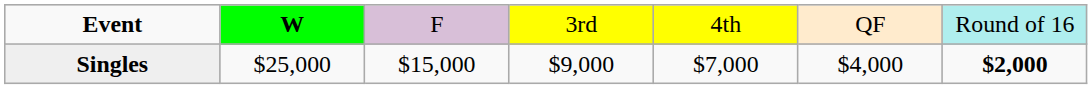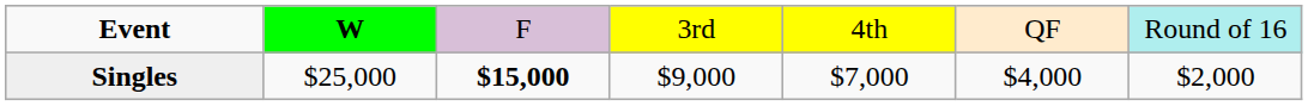 <table class=wikitable style=font-size:95%;text-align:center>
 <tr>
 <td style="width:130px"><strong>Event</strong></td>
 <td style="width:85px; background:lime"><strong>W</strong></td>
 <td style="width:85px; background:thistle">F</td>
 <td style="width:85px; background:#ffff00">3rd</td>
 <td style="width:85px; background:#ffff00">4th</td>
 <td style="width:85px; background:#ffebcd">QF</td>
 <td style="width:85px; background:#afeeee">Round of 16</td>
 </tr>
 <tr>
 <th style=background:#efefef>Singles </th>
 <td>$25,000</td>
-<td>$15,000</td>
+<td><strong>$15,000</strong></td>
 <td>$9,000</td>
 <td>$7,000</td>
 <td>$4,000</td>
-<td><strong>$2,000</strong></td>
+<td>$2,000</td>
 </tr>
 </table>
